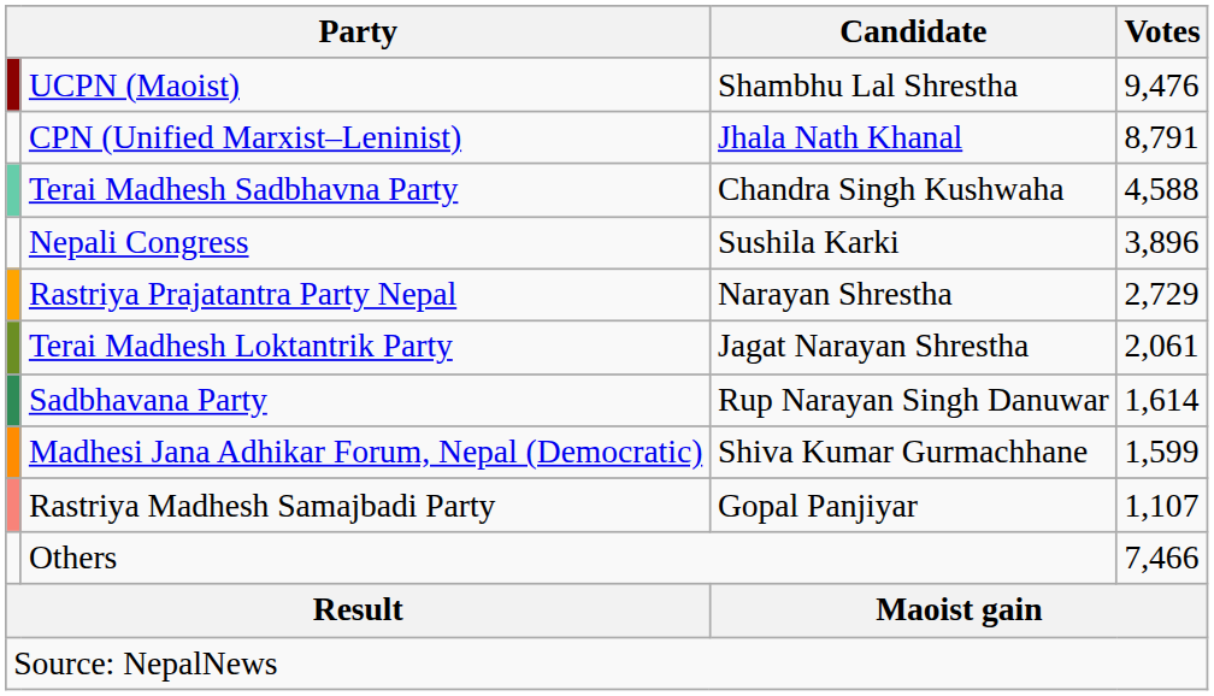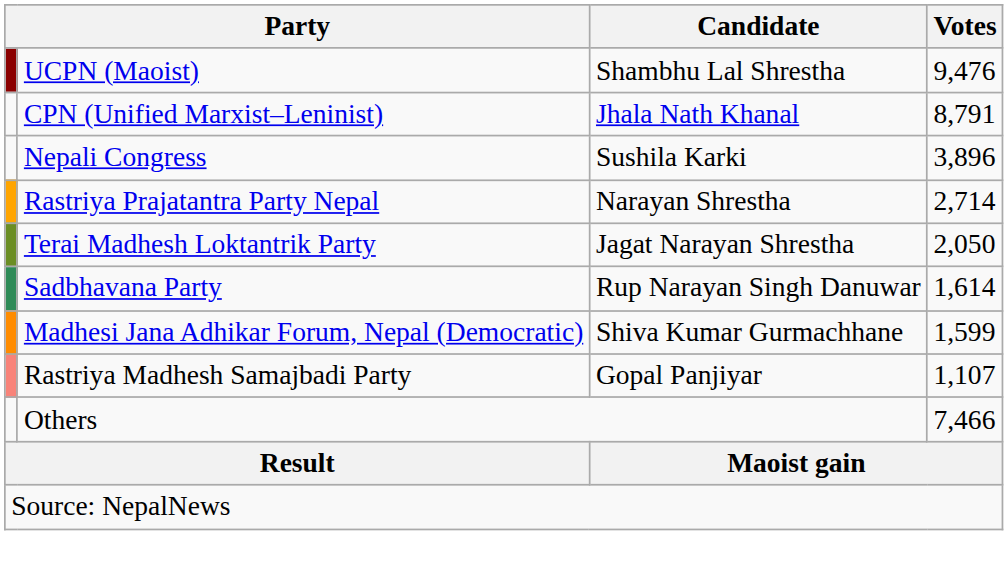 <table class="wikitable">
 <tr>
 <th colspan="2">Party</th>
 <th>Candidate</th>
 <th>Votes</th>
 </tr>
 <tr>
 <td style="background-color:darkred"></td>
 <td><a href='#'>UCPN (Maoist)</a></td>
 <td>Shambhu Lal Shrestha</td>
 <td>9,476</td>
 </tr>
 <tr>
 <td style="background-color:"></td>
 <td><a href='#'>CPN (Unified Marxist–Leninist)</a></td>
 <td><a href='#'>Jhala Nath Khanal</a></td>
 <td>8,791</td>
 </tr>
 <tr>
-<td style="background-color:mediumaquamarine"></td>
-<td><a href='#'>Terai Madhesh Sadbhavna Party</a></td>
-<td>Chandra Singh Kushwaha</td>
-<td>4,588</td>
-</tr>
-<tr>
 <td style="background-color:"></td>
 <td><a href='#'>Nepali Congress</a></td>
 <td>Sushila Karki</td>
 <td>3,896</td>
 </tr>
 <tr>
 <td style="background-color:orange"></td>
 <td><a href='#'>Rastriya Prajatantra Party Nepal</a></td>
 <td>Narayan Shrestha</td>
-<td>2,729</td>
+<td>2,714</td>
 </tr>
 <tr>
 <td style="background-color:olivedrab"></td>
 <td><a href='#'>Terai Madhesh Loktantrik Party</a></td>
 <td>Jagat Narayan Shrestha</td>
-<td>2,061</td>
+<td>2,050</td>
 </tr>
 <tr>
 <td style="background-color:seagreen"></td>
 <td><a href='#'>Sadbhavana Party</a></td>
 <td>Rup Narayan Singh Danuwar</td>
 <td>1,614</td>
 </tr>
 <tr>
 <td style="background-color:darkorange"></td>
 <td><a href='#'>Madhesi Jana Adhikar Forum, Nepal (Democratic)</a></td>
 <td>Shiva Kumar Gurmachhane</td>
 <td>1,599</td>
 </tr>
 <tr>
 <td style="background-color:#F88379"></td>
 <td>Rastriya Madhesh Samajbadi Party</td>
 <td>Gopal Panjiyar</td>
 <td>1,107</td>
 </tr>
 <tr>
 <td></td>
 <td colspan="2">Others</td>
 <td>7,466</td>
 </tr>
 <tr>
 <th colspan="2">Result</th>
 <th colspan="2">Maoist gain</th>
 </tr>
 <tr>
 <td colspan="4">Source: NepalNews</td>
 </tr>
 </table>
